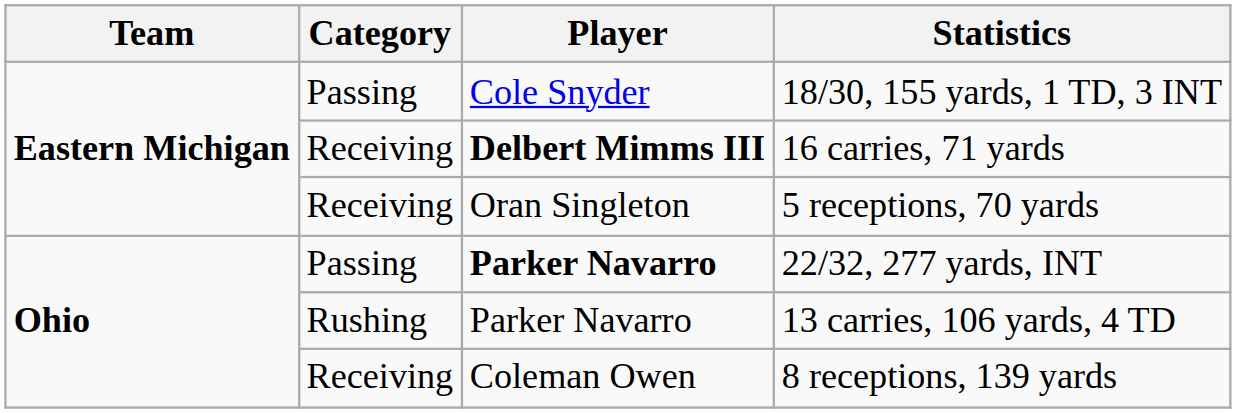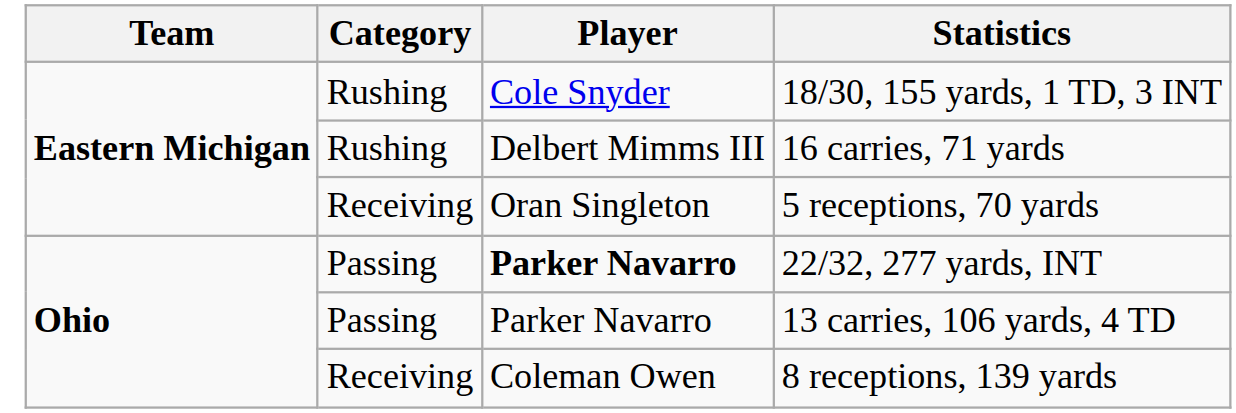 <table class="wikitable" style="float: right;">
 <tr>
 <th>Team</th>
 <th>Category</th>
 <th>Player</th>
 <th>Statistics</th>
 </tr>
 <tr>
 <td rowspan=3><strong>Eastern Michigan</strong></td>
-<td>Passing</td>
+<td>Rushing</td>
 <td><a href='#'>Cole Snyder</a></td>
 <td>18/30, 155 yards, 1 TD, 3 INT</td>
 </tr>
 <tr>
-<td>Receiving</td>
-<td><strong>Delbert Mimms III</strong></td>
+<td>Rushing</td>
+<td>Delbert Mimms III</td>
 <td>16 carries, 71 yards</td>
 </tr>
 <tr>
 <td>Receiving</td>
 <td>Oran Singleton</td>
 <td>5 receptions, 70 yards</td>
 </tr>
 <tr>
 <td rowspan=3><strong>Ohio</strong></td>
 <td>Passing</td>
 <td><strong>Parker Navarro</strong></td>
 <td>22/32, 277 yards, INT</td>
 </tr>
 <tr>
-<td>Rushing</td>
+<td>Passing</td>
 <td>Parker Navarro</td>
 <td>13 carries, 106 yards, 4 TD</td>
 </tr>
 <tr>
 <td>Receiving</td>
 <td>Coleman Owen</td>
 <td>8 receptions, 139 yards</td>
 </tr>
 </table>
